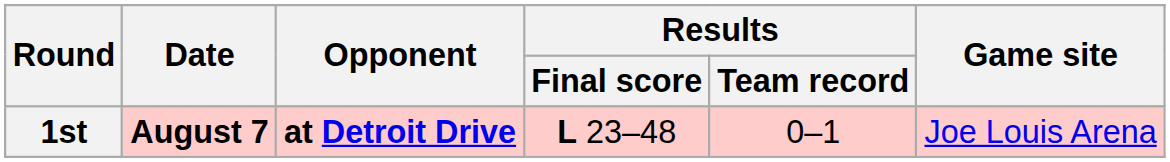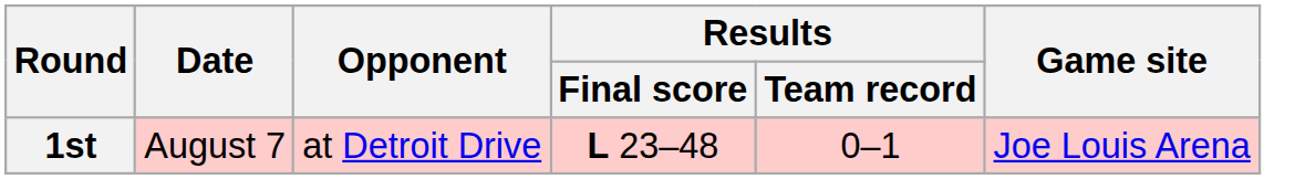 <table class="wikitable" style="font-size: 92%;" "align=center">
 <tr>
 <th rowspan="2">Round</th>
 <th rowspan="2">Date</th>
 <th rowspan="2">Opponent</th>
 <th colspan="2">Results</th>
 <th rowspan="2">Game site</th>
 </tr>
 <tr>
 <th>Final score</th>
 <th>Team record</th>
 </tr>
 <tr style="background:#fcc">
 <th>1st</th>
-<td style="text-align:center;"><strong>August 7</strong></td>
-<td style="text-align:center;"><strong>at <a href='#'>Detroit Drive</a></strong></td>
+<td style="text-align:center;">August 7</td>
+<td style="text-align:center;">at <a href='#'>Detroit Drive</a></td>
 <td style="text-align:center;"><strong>L</strong> 23–48</td>
 <td style="text-align:center;">0–1</td>
 <td style="text-align:center;"><a href='#'>Joe Louis Arena</a></td>
 </tr>
 </table>
